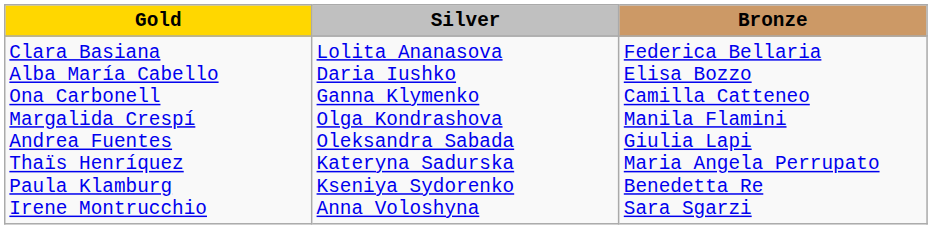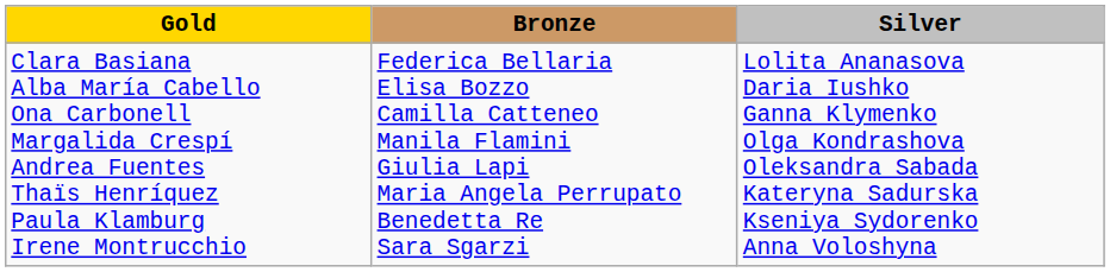 <table class="wikitable" style="text-align:left">
 <tr align="center">
 <td width=200 bgcolor=gold><strong>Gold</strong></td>
+<td width=200 bgcolor=CC9966><strong>Bronze</strong></td>
 <td width=200 bgcolor=silver><strong>Silver</strong></td>
-<td width=200 bgcolor=CC9966><strong>Bronze</strong></td>
 </tr>
 <tr>
 <td><a href='#'>Clara Basiana</a><br><a href='#'>Alba María Cabello</a><br><a href='#'>Ona Carbonell</a><br><a href='#'>Margalida Crespí</a><br><a href='#'>Andrea Fuentes</a><br><a href='#'>Thaïs Henríquez</a><br><a href='#'>Paula Klamburg</a><br><a href='#'>Irene Montrucchio</a> <br> </td>
+<td><a href='#'>Federica Bellaria</a><br><a href='#'>Elisa Bozzo</a><br><a href='#'>Camilla Catteneo</a><br><a href='#'>Manila Flamini</a><br><a href='#'>Giulia Lapi</a><br><a href='#'>Maria Angela Perrupato</a><br><a href='#'>Benedetta Re</a><br><a href='#'>Sara Sgarzi</a> <br> </td>
 <td><a href='#'>Lolita Ananasova</a><br><a href='#'>Daria Iushko</a><br><a href='#'>Ganna Klymenko</a><br><a href='#'>Olga Kondrashova</a><br><a href='#'>Oleksandra Sabada</a><br><a href='#'>Kateryna Sadurska</a><br><a href='#'>Kseniya Sydorenko</a><br><a href='#'>Anna Voloshyna</a> <br> </td>
-<td><a href='#'>Federica Bellaria</a><br><a href='#'>Elisa Bozzo</a><br><a href='#'>Camilla Catteneo</a><br><a href='#'>Manila Flamini</a><br><a href='#'>Giulia Lapi</a><br><a href='#'>Maria Angela Perrupato</a><br><a href='#'>Benedetta Re</a><br><a href='#'>Sara Sgarzi</a> <br> </td>
 </tr>
 </table>
